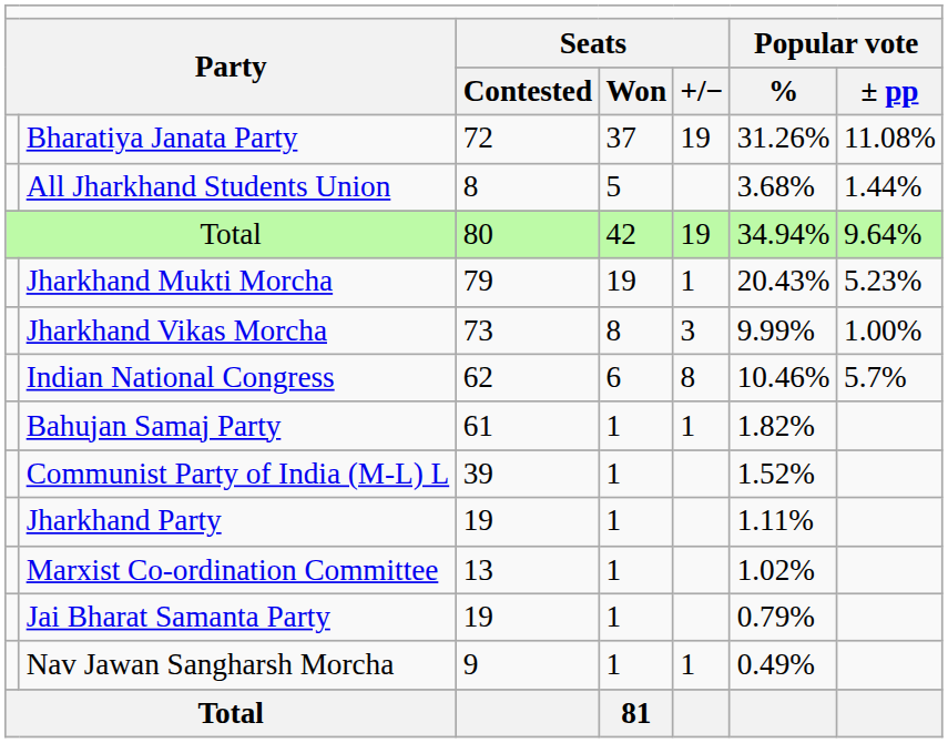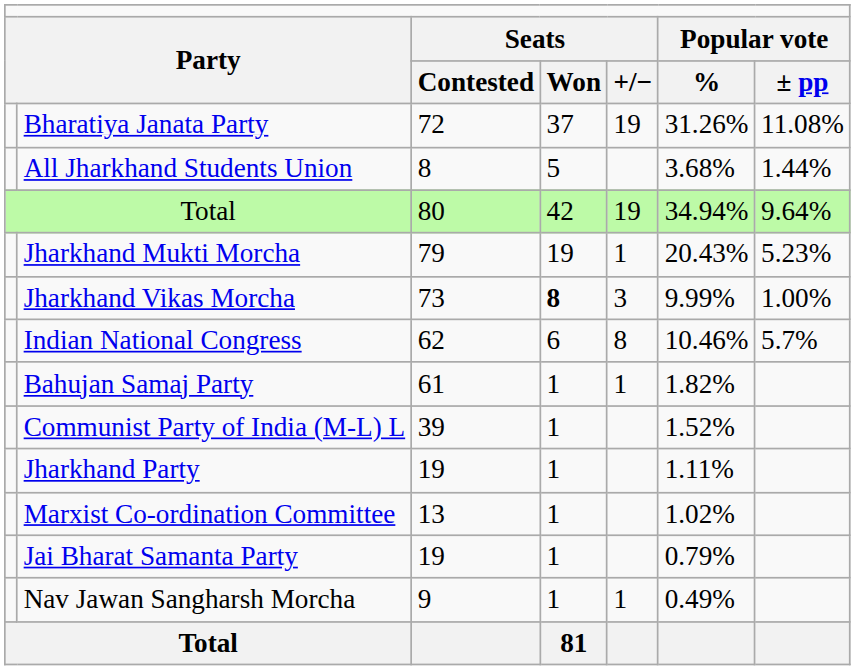 <table class="wikitable">
 <tr>
 <td colspan="7"></td>
 </tr>
 <tr>
 <th colspan="2" rowspan="2">Party</th>
 <th colspan="3">Seats</th>
 <th colspan="2">Popular vote</th>
 </tr>
 <tr>
 <th>Contested</th>
 <th>Won</th>
 <th><strong>+/−</strong></th>
 <th>%</th>
 <th>± <a href='#'>pp</a></th>
 </tr>
 <tr>
 <td style="background-color: "></td>
 <td><a href='#'>Bharatiya Janata Party</a></td>
 <td>72</td>
 <td>37</td>
 <td>19</td>
 <td>31.26%</td>
 <td>11.08%</td>
 </tr>
 <tr>
 <td style="background-color: "></td>
 <td><a href='#'>All Jharkhand Students Union</a></td>
 <td>8</td>
 <td>5</td>
 <td></td>
 <td>3.68%</td>
 <td>1.44%</td>
 </tr>
 <tr>
 <td colspan="2" align="center" style="background: #BDFAA7">Total</td>
 <td style="background: #BDFAA7">80</td>
 <td style="background: #BDFAA7">42</td>
 <td style="background: #BDFAA7">19</td>
 <td style="background: #BDFAA7">34.94%</td>
 <td style="background: #BDFAA7">9.64%</td>
 </tr>
 <tr>
 <td style="background-color: "></td>
 <td><a href='#'>Jharkhand Mukti Morcha</a></td>
 <td>79</td>
 <td>19</td>
 <td>1</td>
 <td>20.43%</td>
 <td>5.23%</td>
 </tr>
 <tr>
 <td style="background-color: "></td>
 <td><a href='#'>Jharkhand Vikas Morcha</a></td>
 <td>73</td>
-<td>8</td>
+<td><strong>8</strong></td>
 <td>3</td>
 <td>9.99%</td>
 <td>1.00%</td>
 </tr>
 <tr>
 <td style="background-color: "></td>
 <td><a href='#'>Indian National Congress</a></td>
 <td>62</td>
 <td>6</td>
 <td>8</td>
 <td>10.46%</td>
 <td>5.7%</td>
 </tr>
 <tr>
 <td style="background-color: "></td>
 <td><a href='#'>Bahujan Samaj Party</a></td>
 <td>61</td>
 <td>1</td>
 <td>1</td>
 <td>1.82%</td>
 <td></td>
 </tr>
 <tr>
 <td style="background-color: "></td>
 <td><a href='#'>Communist Party of India (M-L) L</a></td>
 <td>39</td>
 <td>1</td>
 <td></td>
 <td>1.52%</td>
 <td></td>
 </tr>
 <tr>
 <td style="background-color: "></td>
 <td><a href='#'>Jharkhand Party</a></td>
 <td>19</td>
 <td>1</td>
 <td></td>
 <td>1.11%</td>
 <td></td>
 </tr>
 <tr>
 <td style="background-color: "></td>
 <td><a href='#'>Marxist Co-ordination Committee</a></td>
 <td>13</td>
 <td>1</td>
 <td></td>
 <td>1.02%</td>
 <td></td>
 </tr>
 <tr>
 <td style="background-color: "></td>
 <td><a href='#'>Jai Bharat Samanta Party</a></td>
 <td>19</td>
 <td>1</td>
 <td></td>
 <td>0.79%</td>
 <td></td>
 </tr>
 <tr>
 <td style="background-color: "></td>
 <td>Nav Jawan Sangharsh Morcha</td>
 <td>9</td>
 <td>1</td>
 <td>1</td>
 <td>0.49%</td>
 <td></td>
 </tr>
 <tr>
 <th colspan="2">Total</th>
 <th></th>
 <th>81</th>
 <th></th>
 <th></th>
 <th></th>
 </tr>
 </table>
